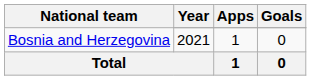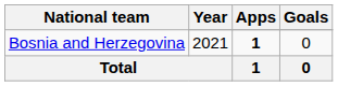 <table class=wikitable style="text-align: center">
 <tr>
 <th>National team</th>
 <th>Year</th>
 <th>Apps</th>
 <th>Goals</th>
 </tr>
 <tr>
 <td rowspan=2><a href='#'>Bosnia and Herzegovina</a></td>
 </tr>
 <tr>
 <td>2021</td>
-<td>1</td>
+<td><strong>1</strong></td>
 <td>0</td>
 </tr>
 <tr>
 <th colspan=2>Total</th>
 <th>1</th>
 <th>0</th>
 </tr>
 </table>
